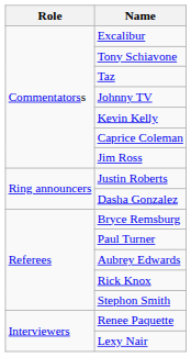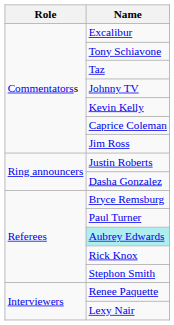 <table class=wikitable style="font-size:90%; margin: 0.5em 0 0.5em 1em; float: right; clear: right;">
 <tr>
 <th>Role</th>
 <th>Name</th>
 </tr>
 <tr>
 <td rowspan=7><a href='#'>Commentators</a>s</td>
 <td><a href='#'>Excalibur</a> </td>
 </tr>
 <tr>
 <td><a href='#'>Tony Schiavone</a> </td>
 </tr>
 <tr>
 <td><a href='#'>Taz</a> </td>
 </tr>
 <tr>
 <td><a href='#'>Johnny TV</a> </td>
 </tr>
 <tr>
 <td><a href='#'>Kevin Kelly</a> </td>
 </tr>
 <tr>
 <td><a href='#'>Caprice Coleman</a> </td>
 </tr>
 <tr>
 <td><a href='#'>Jim Ross</a> </td>
 </tr>
 <tr>
 <td rowspan=2><a href='#'>Ring announcers</a></td>
 <td><a href='#'>Justin Roberts</a> </td>
 </tr>
 <tr>
 <td><a href='#'>Dasha Gonzalez</a> </td>
 </tr>
 <tr>
 <td rowspan=5><a href='#'>Referees</a></td>
 <td><a href='#'>Bryce Remsburg</a></td>
 </tr>
 <tr>
 <td><a href='#'>Paul Turner</a></td>
 </tr>
 <tr>
-<td><a href='#'>Aubrey Edwards</a></td>
+<td style="background: paleturquoise;"><a href='#'>Aubrey Edwards</a></td>
 </tr>
 <tr>
 <td><a href='#'>Rick Knox</a></td>
 </tr>
 <tr>
 <td><a href='#'>Stephon Smith</a></td>
 </tr>
 <tr>
 <td rowspan=3><a href='#'>Interviewers</a></td>
 <td><a href='#'>Renee Paquette</a></td>
 </tr>
 <tr>
 <td><a href='#'>Lexy Nair</a></td>
 </tr>
 </table>
